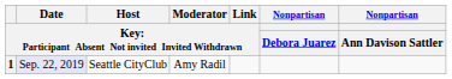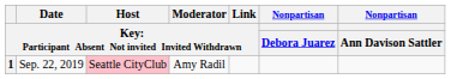 <table class="wikitable" style="text-align:center;">
 <tr>
 <th scope="col"></th>
 <th scope="col">Date</th>
 <th scope="col">Host</th>
 <th scope="col">Moderator</th>
 <th scope="col">Link</th>
 <th scope="col"><small><a href='#'>Nonpartisan</a></small></th>
 <th scope="col"><small><a href='#'>Nonpartisan</a></small></th>
 </tr>
 <tr>
 <th colspan="5" rowspan="2">Key:<br> <small>Participant </small>  <small>Absent </small>  <small>Not invited </small>  <small>Invited  Withdrawn</small></th>
 <th scope="col" style="background:"></th>
 <th scope="col" style="background:"></th>
 </tr>
 <tr>
 <th scope="col"><a href='#'>Debora Juarez</a></th>
 <th scope="col">Ann Davison Sattler</th>
 </tr>
 <tr>
 <th>1</th>
-<td style="background: lavender; white-space:nowrap;">Sep. 22, 2019</td>
-<td style="white-space:nowrap;">Seattle CityClub</td>
+<td style="white-space:nowrap;">Sep. 22, 2019</td>
+<td style="background: pink; white-space:nowrap;">Seattle CityClub</td>
 <td style="white-space:nowrap;">Amy Radil</td>
 <td style="white-space:nowrap;"></td>
 <td></td>
 <td></td>
 </tr>
 </table>
